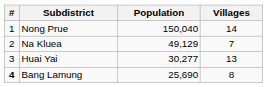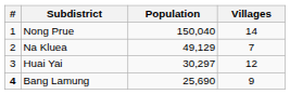 <table class="wikitable" style="width:48%; display:inline-table;">
 <tr>
 <th>#</th>
 <th>Subdistrict</th>
 <th>Population</th>
 <th>Villages</th>
 </tr>
 <tr>
 <td style="text-align:center;">1</td>
 <td>Nong Prue</td>
 <td style="text-align:right;">150,040</td>
 <td style="text-align:center;">14</td>
 </tr>
 <tr>
 <td style="text-align:center;">2</td>
 <td>Na Kluea</td>
 <td style="text-align:right;">49,129</td>
 <td style="text-align:center;">7</td>
 </tr>
 <tr>
 <td style="text-align:center;">3</td>
 <td>Huai Yai</td>
-<td style="text-align:right;">30,277</td>
-<td style="text-align:center;">13</td>
+<td style="text-align:right;">30,297</td>
+<td style="text-align:center;">12</td>
 </tr>
 <tr>
 <td style="text-align:center;"><strong>4</strong></td>
 <td>Bang Lamung</td>
 <td style="text-align:right;">25,690</td>
-<td style="text-align:center;">8</td>
+<td style="text-align:center;">9</td>
 </tr>
 </table>
